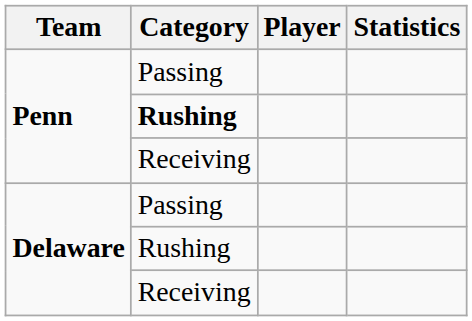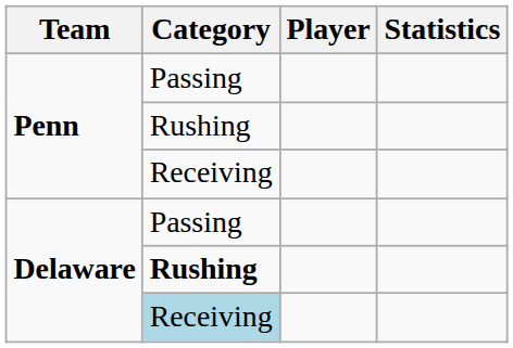 <table class="wikitable" style="float: right;">
 <tr>
 <th>Team</th>
 <th>Category</th>
 <th>Player</th>
 <th>Statistics</th>
 </tr>
 <tr>
 <td rowspan=3><strong>Penn</strong></td>
 <td>Passing</td>
 <td></td>
 <td></td>
 </tr>
 <tr>
-<td><strong>Rushing</strong></td>
+<td>Rushing</td>
 <td></td>
 <td></td>
 </tr>
 <tr>
 <td>Receiving</td>
 <td></td>
 <td></td>
 </tr>
 <tr>
 <td rowspan=3><strong>Delaware</strong></td>
 <td>Passing</td>
 <td></td>
 <td></td>
 </tr>
 <tr>
-<td>Rushing</td>
+<td><strong>Rushing</strong></td>
 <td></td>
 <td></td>
 </tr>
 <tr>
-<td>Receiving</td>
+<td style="background: lightblue;">Receiving</td>
 <td></td>
 <td></td>
 </tr>
 </table>
